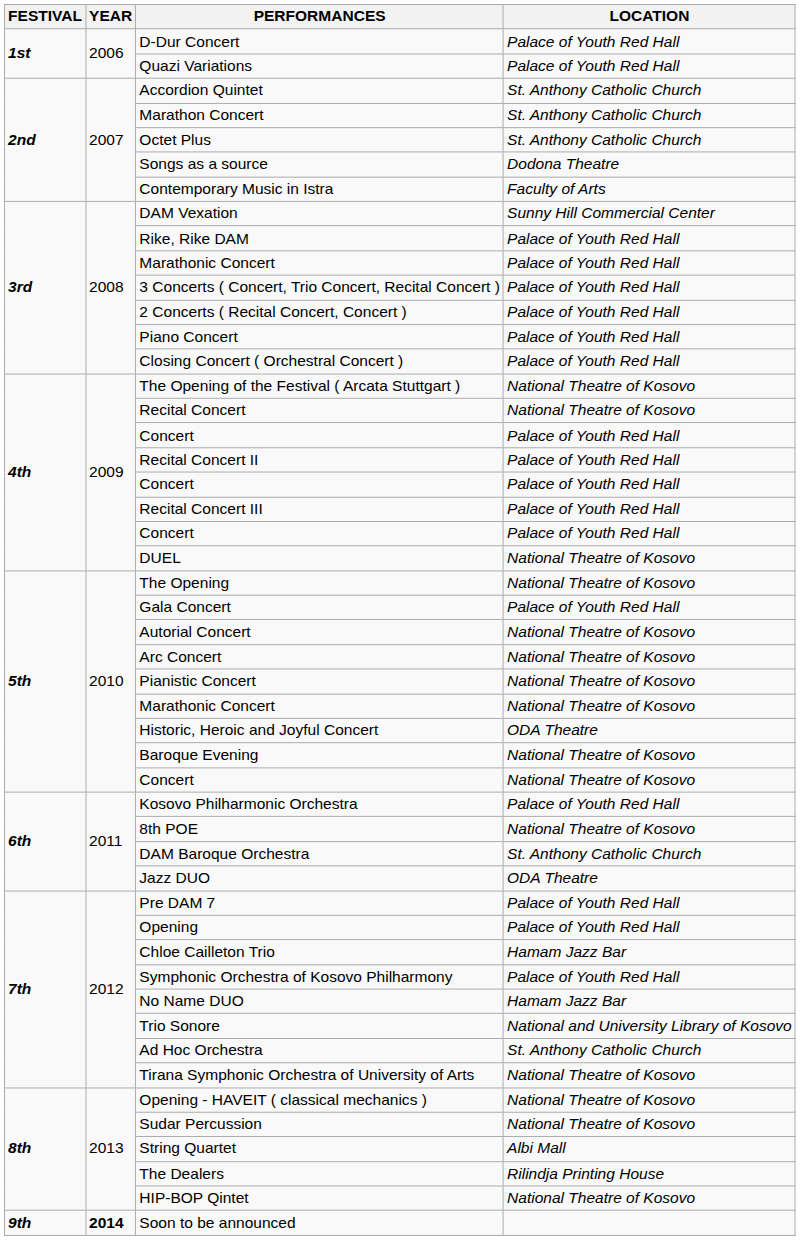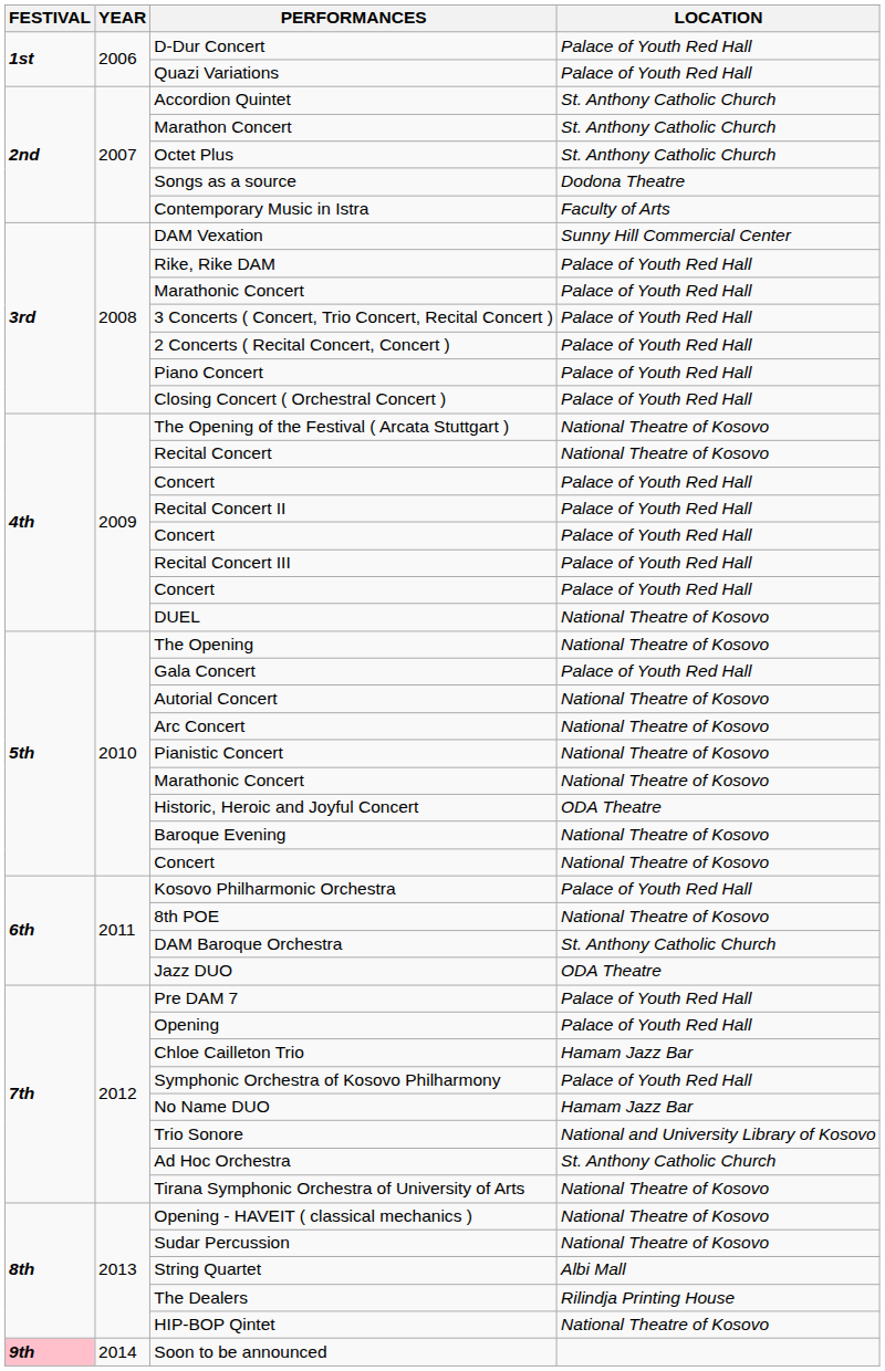 <table class="wikitable">
 <tr>
 <th>FESTIVAL</th>
 <th>YEAR</th>
 <th>PERFORMANCES</th>
 <th>LOCATION</th>
 </tr>
 <tr>
 <td rowspan="2"><strong><em>1st</em></strong></td>
 <td rowspan="2">2006</td>
 <td>D-Dur Concert</td>
 <td><em>Palace of Youth Red Hall</em></td>
 </tr>
 <tr>
 <td>Quazi Variations</td>
 <td><em>Palace of Youth Red Hall</em></td>
 </tr>
 <tr>
 <td rowspan="5"><strong><em>2nd</em></strong></td>
 <td rowspan="5">2007</td>
 <td>Accordion Quintet</td>
 <td><em>St. Anthony Catholic Church</em></td>
 </tr>
 <tr>
 <td>Marathon Concert</td>
 <td><em>St. Anthony Catholic Church</em></td>
 </tr>
 <tr>
 <td>Octet Plus</td>
 <td><em>St. Anthony Catholic Church</em></td>
 </tr>
 <tr>
 <td>Songs as a source</td>
 <td><em>Dodona Theatre</em></td>
 </tr>
 <tr>
 <td>Contemporary Music in Istra</td>
 <td><em>Faculty of Arts</em></td>
 </tr>
 <tr>
 <td rowspan="7"><strong><em>3rd</em></strong></td>
 <td rowspan="7">2008</td>
 <td>DAM Vexation</td>
 <td><em>Sunny Hill Commercial Center</em></td>
 </tr>
 <tr>
 <td>Rike, Rike DAM</td>
 <td><em>Palace of Youth Red Hall</em></td>
 </tr>
 <tr>
 <td>Marathonic Concert</td>
 <td><em>Palace of Youth Red Hall</em></td>
 </tr>
 <tr>
 <td>3 Concerts ( Concert, Trio Concert, Recital Concert )</td>
 <td><em>Palace of Youth Red Hall</em></td>
 </tr>
 <tr>
 <td>2 Concerts ( Recital Concert, Concert )</td>
 <td><em>Palace of Youth Red Hall</em></td>
 </tr>
 <tr>
 <td>Piano Concert</td>
 <td><em>Palace of Youth Red Hall</em></td>
 </tr>
 <tr>
 <td>Closing Concert ( Orchestral Concert )</td>
 <td><em>Palace of Youth Red Hall</em></td>
 </tr>
 <tr>
 <td rowspan="8"><strong><em>4th</em></strong></td>
 <td rowspan="8">2009</td>
 <td>The Opening of the Festival ( Arcata Stuttgart )</td>
 <td><em>National Theatre of Kosovo</em></td>
 </tr>
 <tr>
 <td>Recital Concert</td>
 <td><em>National Theatre of Kosovo</em></td>
 </tr>
 <tr>
 <td>Concert</td>
 <td><em>Palace of Youth Red Hall</em></td>
 </tr>
 <tr>
 <td>Recital Concert II</td>
 <td><em>Palace of Youth Red Hall</em></td>
 </tr>
 <tr>
 <td>Concert</td>
 <td><em>Palace of Youth Red Hall</em></td>
 </tr>
 <tr>
 <td>Recital Concert III</td>
 <td><em>Palace of Youth Red Hall</em></td>
 </tr>
 <tr>
 <td>Concert</td>
 <td><em>Palace of Youth Red Hall</em></td>
 </tr>
 <tr>
 <td>DUEL</td>
 <td><em>National Theatre of Kosovo</em></td>
 </tr>
 <tr>
 <td rowspan="9"><strong><em>5th</em></strong></td>
 <td rowspan="9">2010</td>
 <td>The Opening</td>
 <td><em>National Theatre of Kosovo</em></td>
 </tr>
 <tr>
 <td>Gala Concert</td>
 <td><em>Palace of Youth Red Hall</em></td>
 </tr>
 <tr>
 <td>Autorial Concert</td>
 <td><em>National Theatre of Kosovo</em></td>
 </tr>
 <tr>
 <td>Arc Concert</td>
 <td><em>National Theatre of Kosovo</em></td>
 </tr>
 <tr>
 <td>Pianistic Concert</td>
 <td><em>National Theatre of Kosovo</em></td>
 </tr>
 <tr>
 <td>Marathonic Concert</td>
 <td><em>National Theatre of Kosovo</em></td>
 </tr>
 <tr>
 <td>Historic, Heroic and Joyful Concert</td>
 <td><em>ODA Theatre</em></td>
 </tr>
 <tr>
 <td>Baroque Evening</td>
 <td><em>National Theatre of Kosovo</em></td>
 </tr>
 <tr>
 <td>Concert</td>
 <td><em>National Theatre of Kosovo</em></td>
 </tr>
 <tr>
 <td rowspan="4"><strong><em>6th</em></strong></td>
 <td rowspan="4">2011</td>
 <td>Kosovo Philharmonic Orchestra</td>
 <td><em>Palace of Youth Red Hall</em></td>
 </tr>
 <tr>
 <td>8th POE</td>
 <td><em>National Theatre of Kosovo</em></td>
 </tr>
 <tr>
 <td>DAM Baroque Orchestra</td>
 <td><em>St. Anthony Catholic Church</em></td>
 </tr>
 <tr>
 <td>Jazz DUO</td>
 <td><em>ODA Theatre</em></td>
 </tr>
 <tr>
 <td rowspan="8"><strong><em>7th</em></strong></td>
 <td rowspan="8">2012</td>
 <td>Pre DAM 7</td>
 <td><em>Palace of Youth Red Hall</em></td>
 </tr>
 <tr>
 <td>Opening</td>
 <td><em>Palace of Youth Red Hall</em></td>
 </tr>
 <tr>
 <td>Chloe Cailleton Trio</td>
 <td><em>Hamam Jazz Bar</em></td>
 </tr>
 <tr>
 <td>Symphonic Orchestra of Kosovo Philharmony</td>
 <td><em>Palace of Youth Red Hall</em></td>
 </tr>
 <tr>
 <td>No Name DUO</td>
 <td><em>Hamam Jazz Bar</em></td>
 </tr>
 <tr>
 <td>Trio Sonore</td>
 <td><em>National and University Library of Kosovo</em></td>
 </tr>
 <tr>
 <td>Ad Hoc Orchestra</td>
 <td><em>St. Anthony Catholic Church</em></td>
 </tr>
 <tr>
 <td>Tirana Symphonic Orchestra of University of Arts</td>
 <td><em>National Theatre of Kosovo</em></td>
 </tr>
 <tr>
 <td rowspan="5"><strong><em>8th</em></strong></td>
 <td rowspan="5">2013</td>
 <td>Opening - HAVEIT ( classical mechanics )</td>
 <td><em>National Theatre of Kosovo</em></td>
 </tr>
 <tr>
 <td>Sudar Percussion</td>
 <td><em>National Theatre of Kosovo</em></td>
 </tr>
 <tr>
 <td>String Quartet</td>
 <td><em>Albi Mall</em></td>
 </tr>
 <tr>
 <td>The Dealers</td>
 <td><em>Rilindja Printing House</em></td>
 </tr>
 <tr>
 <td>HIP-BOP Qintet</td>
 <td><em>National Theatre of Kosovo</em></td>
 </tr>
 <tr>
-<td><strong><em>9th</em></strong></td>
-<td><strong>2014</strong></td>
+<td style="background: pink;"><strong><em>9th</em></strong></td>
+<td>2014</td>
 <td>Soon to be announced</td>
 <td></td>
 </tr>
 </table>
